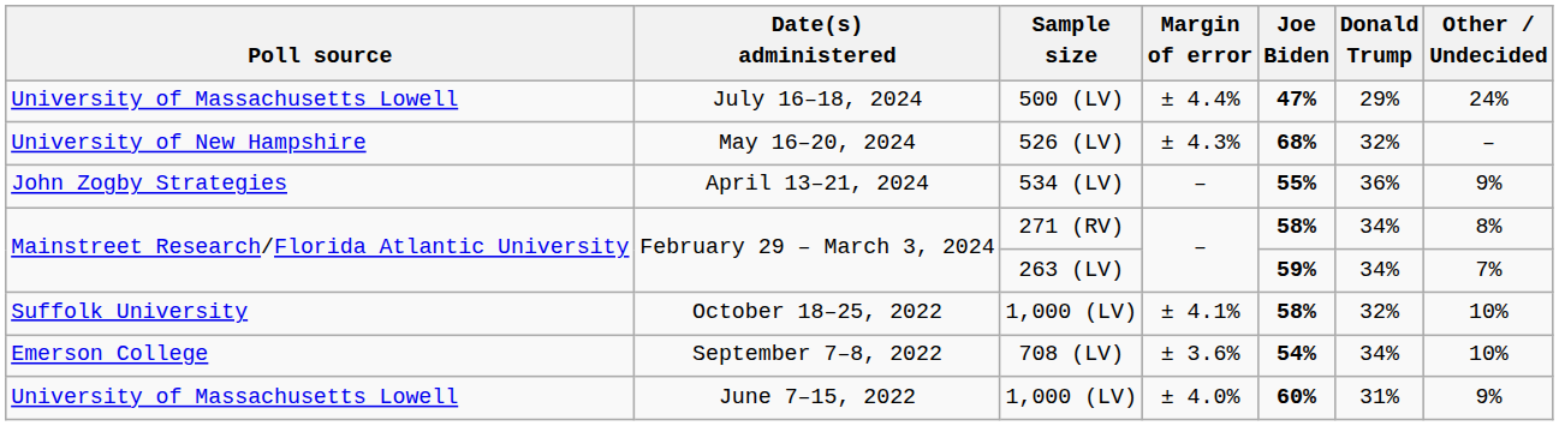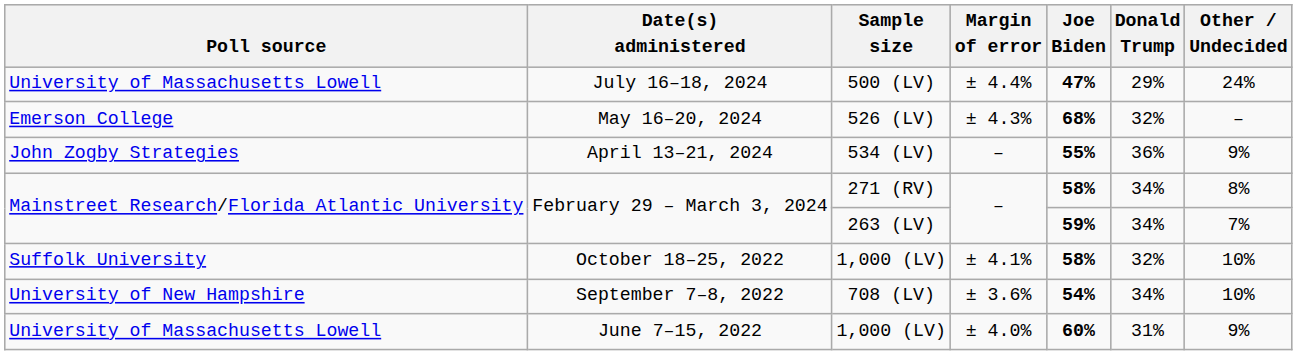 <table class="wikitable sortable mw-datatable" style="font-size:90%;text-align:center;line-height:17px">
 <tr valign=bottom>
 <th>Poll source</th>
 <th>Date(s)<br>administered</th>
 <th>Sample<br>size</th>
 <th>Margin<br>of error</th>
 <th class="unsortable">Joe<br>Biden<br></th>
 <th class="unsortable">Donald<br>Trump<br></th>
 <th class="unsortable">Other /<br>Undecided</th>
 </tr>
 <tr>
 <td style="text-align:left;"><a href='#'>University of Massachusetts Lowell</a></td>
 <td data-sort-value=2024-07-19>July 16–18, 2024</td>
 <td>500 (LV)</td>
 <td>± 4.4%</td>
 <td style="color:black;background-color:"><strong>47%</strong></td>
 <td>29%</td>
 <td>24%</td>
 </tr>
 <tr>
-<td style="text-align:left;"><a href='#'>University of New Hampshire</a></td>
+<td style="text-align:left;"><a href='#'>Emerson College</a></td>
 <td data-sort-value="2024-05-23">May 16–20, 2024</td>
 <td>526 (LV)</td>
 <td>± 4.3%</td>
 <td style="color:black;background-color:"><strong>68%</strong></td>
 <td>32%</td>
 <td>–</td>
 </tr>
 <tr>
 <td style="text-align:left;"><a href='#'>John Zogby Strategies</a></td>
 <td data-sort-value="2024-05-01">April 13–21, 2024</td>
 <td>534 (LV)</td>
 <td>–</td>
 <td style="color:black;background-color:"><strong>55%</strong></td>
 <td>36%</td>
 <td>9%</td>
 </tr>
 <tr>
 <td style="text-align:left;" rowspan="2"><a href='#'>Mainstreet Research</a>/<a href='#'>Florida Atlantic University</a></td>
 <td rowspan="2">February 29 – March 3, 2024</td>
 <td>271 (RV)</td>
 <td rowspan="2">–</td>
 <td style="color:black;background-color:"><strong>58%</strong></td>
 <td>34%</td>
 <td>8%</td>
 </tr>
 <tr>
 <td>263 (LV)</td>
 <td style="color:black;background-color:"><strong>59%</strong></td>
 <td>34%</td>
 <td>7%</td>
 </tr>
 <tr>
 <td style="text-align:left;"><a href='#'>Suffolk University</a></td>
 <td data-sort-value=2022-10-25>October 18–25, 2022</td>
 <td>1,000 (LV)</td>
 <td>± 4.1%</td>
 <td style="color:black;background-color:"><strong>58%</strong></td>
 <td>32%</td>
 <td>10%</td>
 </tr>
 <tr>
-<td style="text-align:left;"><a href='#'>Emerson College</a></td>
+<td style="text-align:left;"><a href='#'>University of New Hampshire</a></td>
 <td data-sort-value=2022-09-08>September 7–8, 2022</td>
 <td>708 (LV)</td>
 <td>± 3.6%</td>
 <td style="color:black;background-color:"><strong>54%</strong></td>
 <td>34%</td>
 <td>10%</td>
 </tr>
 <tr>
 <td style="text-align:left;"><a href='#'>University of Massachusetts Lowell</a></td>
 <td data-sort-value=2022-06-15>June 7–15, 2022</td>
 <td>1,000 (LV)</td>
 <td>± 4.0%</td>
 <td style="color:black;background-color:"><strong>60%</strong></td>
 <td>31%</td>
 <td>9%</td>
 </tr>
 </table>
